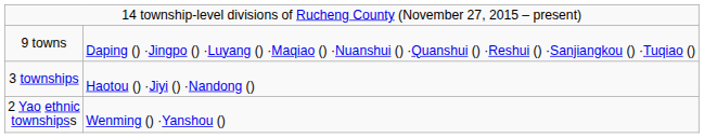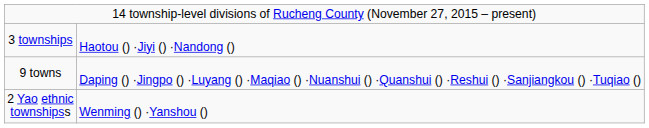 <table class="wikitable">
 <tr>
 <td style="text-align:center;" colspan="2">14 township-level divisions of <a href='#'>Rucheng County</a> (November 27, 2015 – present)</td>
+</tr>
+<tr align=left>
+<td align=center>3 <a href='#'>townships</a></td>
+<td><br><a href='#'>Haotou</a> () ·<a href='#'>Jiyi</a> () ·<a href='#'>Nandong</a> ()</td>
 </tr>
 <tr align=left>
 <td align=center>9 towns</td>
 <td><br><a href='#'>Daping</a> () ·<a href='#'>Jingpo</a> () ·<a href='#'>Luyang</a> () ·<a href='#'>Maqiao</a> () ·<a href='#'>Nuanshui</a> () ·<a href='#'>Quanshui</a> () ·<a href='#'>Reshui</a> () ·<a href='#'>Sanjiangkou</a> () ·<a href='#'>Tuqiao</a> ()</td>
 </tr>
 <tr align=left>
-<td align=center>3 <a href='#'>townships</a></td>
-<td><br><a href='#'>Haotou</a> () ·<a href='#'>Jiyi</a> () ·<a href='#'>Nandong</a> ()</td>
-</tr>
-<tr align=left>
 <td align=center>2 <a href='#'>Yao</a> <a href='#'>ethnic<br>townships</a>s</td>
 <td><br><a href='#'>Wenming</a> () ·<a href='#'>Yanshou</a> ()</td>
 </tr>
 </table>
